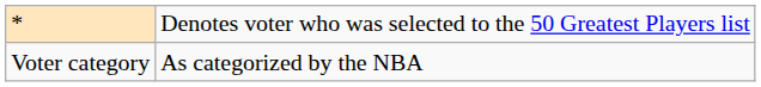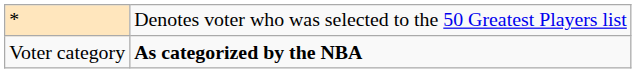 <table class="wikitable">
 <tr>
 <td style="background:#ffe6bd;">*</td>
 <td>Denotes voter who was selected to the <a href='#'>50 Greatest Players list</a></td>
 </tr>
 <tr>
 <td>Voter category</td>
-<td>As categorized by the NBA</td>
+<td><strong>As categorized by the NBA</strong></td>
 </tr>
 </table>
